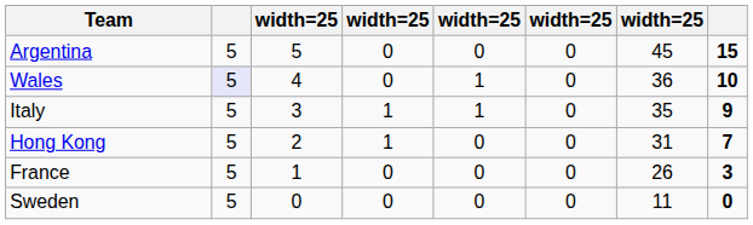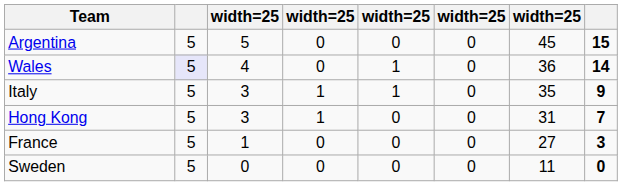 <table class="wikitable sortable" style="text-align: center; ">
 <tr>
 <th width=165>Team</th>
 <th width=25></th>
 <th>width=25</th>
 <th>width=25</th>
 <th>width=25</th>
 <th>width=25</th>
 <th>width=25</th>
 <th width=25></th>
 </tr>
 <tr>
 <td style="text-align:left;"> <a href='#'>Argentina</a></td>
 <td>5</td>
 <td>5</td>
 <td>0</td>
 <td>0</td>
 <td>0</td>
 <td>45</td>
 <td><strong>15</strong></td>
 </tr>
 <tr>
 <td style="text-align:left;"> <a href='#'>Wales</a></td>
 <td style="background: lavender;">5</td>
 <td>4</td>
 <td>0</td>
 <td>1</td>
 <td>0</td>
 <td>36</td>
-<td><strong>10</strong></td>
+<td><strong>14</strong></td>
 </tr>
 <tr>
 <td style="text-align:left;"> Italy</td>
 <td>5</td>
 <td>3</td>
 <td>1</td>
 <td>1</td>
 <td>0</td>
 <td>35</td>
 <td><strong>9</strong></td>
 </tr>
 <tr>
 <td style="text-align:left;"> <a href='#'>Hong Kong</a></td>
 <td>5</td>
-<td>2</td>
+<td>3</td>
 <td>1</td>
 <td>0</td>
 <td>0</td>
 <td>31</td>
 <td><strong>7</strong></td>
 </tr>
 <tr>
 <td style="text-align:left;"> France</td>
 <td>5</td>
 <td>1</td>
 <td>0</td>
 <td>0</td>
 <td>0</td>
-<td>26</td>
+<td>27</td>
 <td><strong>3</strong></td>
 </tr>
 <tr>
 <td style="text-align:left;"> Sweden</td>
 <td>5</td>
 <td>0</td>
 <td>0</td>
 <td>0</td>
 <td>0</td>
 <td>11</td>
 <td><strong>0</strong></td>
 </tr>
 </table>
